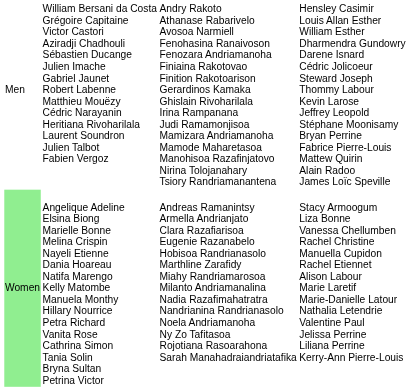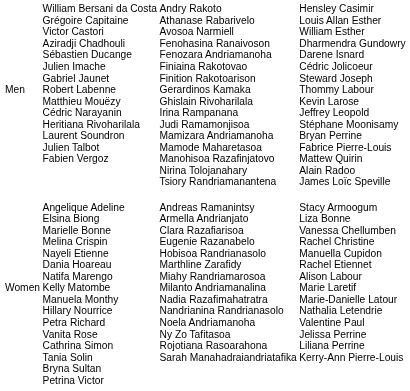 <table>
 <tr>
 <td>Men</td>
 <td valign=top nowrap><br>William Bersani da Costa<br>Grégoire Capitaine<br>Victor Castori<br>Aziradji Chadhouli<br>Sébastien Ducange<br>Julien Imache<br>Gabriel Jaunet<br>Robert Labenne<br>Matthieu Mouëzy<br>Cédric Narayanin<br>Heritiana Rivoharilala<br>Laurent Soundron<br>Julien Talbot<br>Fabien Vergoz</td>
 <td><br>Andry Rakoto<br>Athanase Rabarivelo<br>Avosoa Narmiell<br>Fenohasina Ranaivoson<br>Fenozara Andriamanoha<br>Finiaina Rakotovao<br>Finition Rakotoarison<br>Gerardinos Kamaka<br>Ghislain Rivoharilala<br>Irina Rampanana<br>Judi Ramamonjisoa<br>Mamizara Andriamanoha<br>Mamode Maharetasoa<br>Manohisoa Razafinjatovo<br>Nirina Tolojanahary<br>Tsiory Randriamanantena</td>
 <td><br>Hensley Casimir<br>Louis Allan Esther<br>William Esther<br>Dharmendra Gundowry<br>Darene Isnard<br>Cédric Jolicoeur<br>Steward Joseph<br>Thommy Labour<br>Kevin Larose<br>Jeffrey Leopold<br>Stéphane Moonisamy<br>Bryan Perrine<br>Fabrice Pierre-Louis<br>Mattew Quirin<br>Alain Radoo<br>James Loïc Speville</td>
 </tr>
 <tr>
-<td style="background: lightgreen;">Women</td>
+<td>Women</td>
 <td><br>Angelique Adeline<br>Elsina Biong<br>Marielle Bonne<br>Melina Crispin<br>Nayeli Etienne<br>Dania Hoareau<br>Natifa Marengo<br>Kelly Matombe<br>Manuela Monthy<br>Hillary Nourrice<br>Petra Richard<br>Vanita Rose<br>Cathrina Simon<br>Tania Solin<br>Bryna Sultan<br>Petrina Victor</td>
 <td valign=top nowrap><br>Andreas Ramanintsy<br>Armella Andrianjato<br>Clara Razafiarisoa<br>Eugenie Razanabelo<br>Hobisoa Randrianasolo<br>Marthline Zarafidy<br>Miahy Randriamarosoa<br>Milanto Andriamanalina<br>Nadia Razafimahatratra<br>Nandrianina Randrianasolo<br>Noela Andriamanoha<br>Ny Zo Tafitasoa<br>Rojotiana Rasoarahona<br>Sarah Manahadraiandriatafika</td>
 <td valign=top nowrap><br>Stacy Armoogum<br>Liza Bonne<br>Vanessa Chellumben<br>Rachel Christine<br>Manuella Cupidon<br>Rachel Etiennet<br>Alison Labour<br>Marie Laretif<br>Marie-Danielle Latour<br>Nathalia Letendrie<br>Valentine Paul<br>Jelissa Perrine<br>Liliana Perrine<br>Kerry-Ann Pierre-Louis</td>
 </tr>
 </table>
